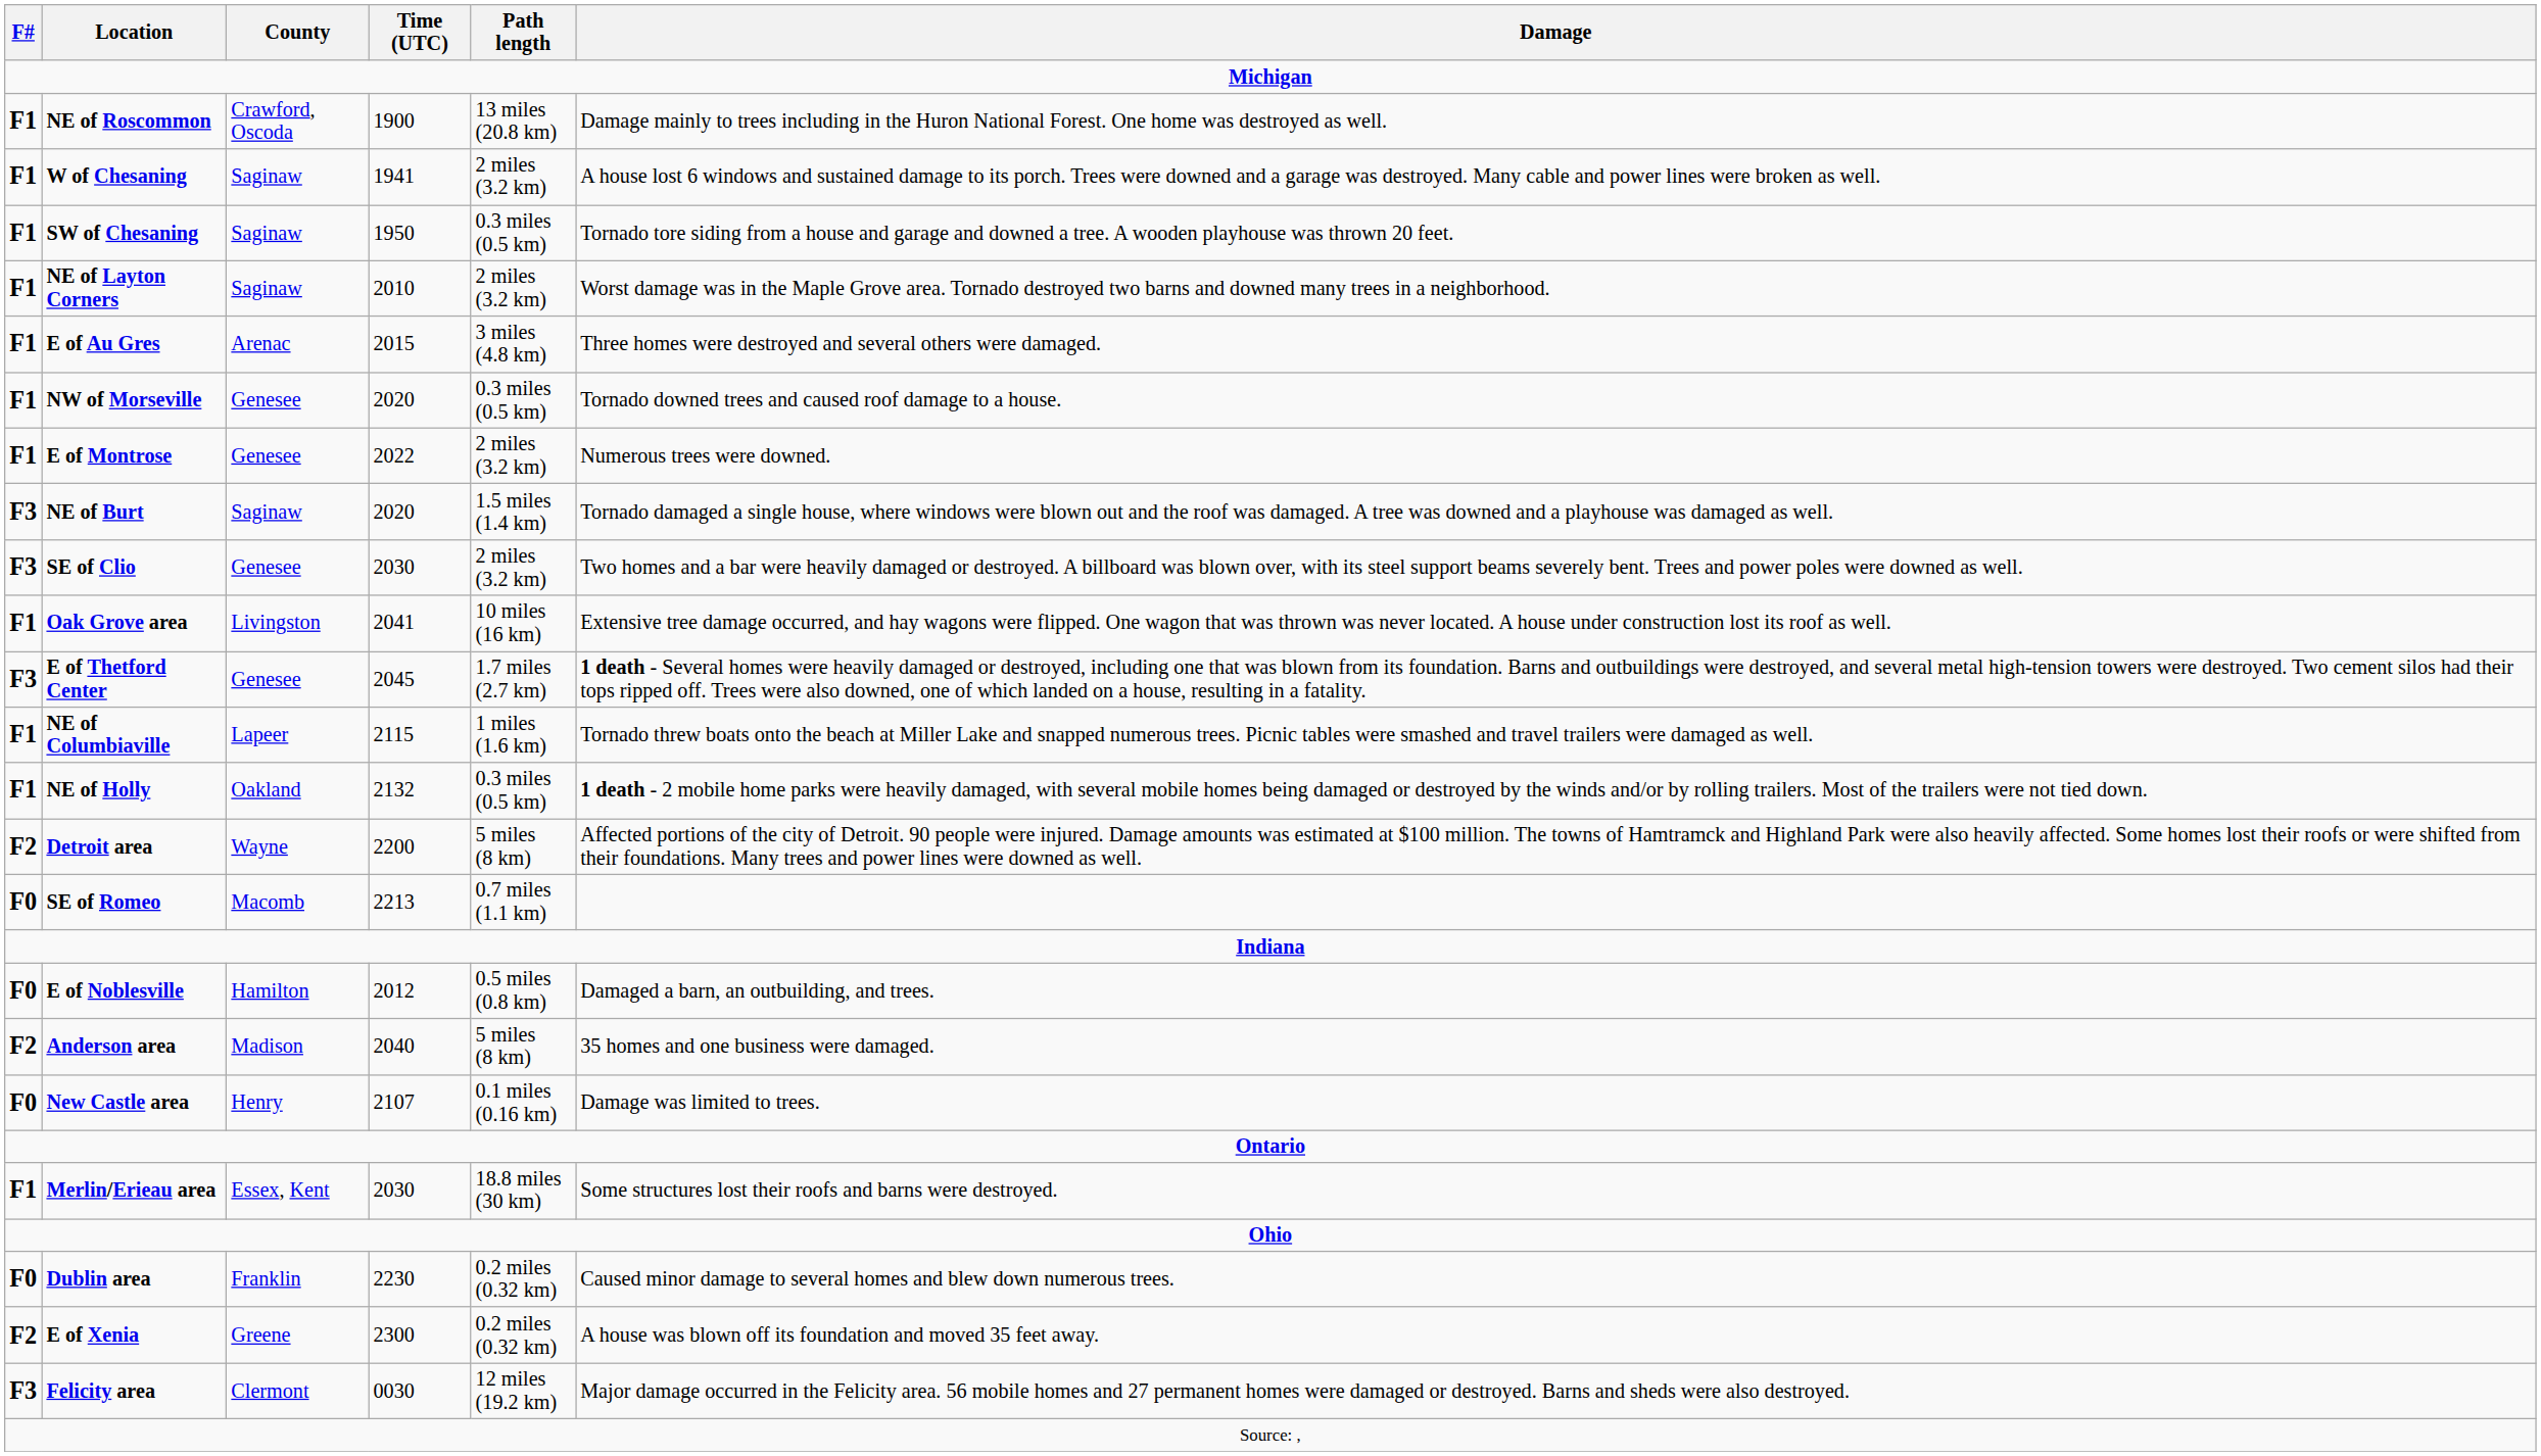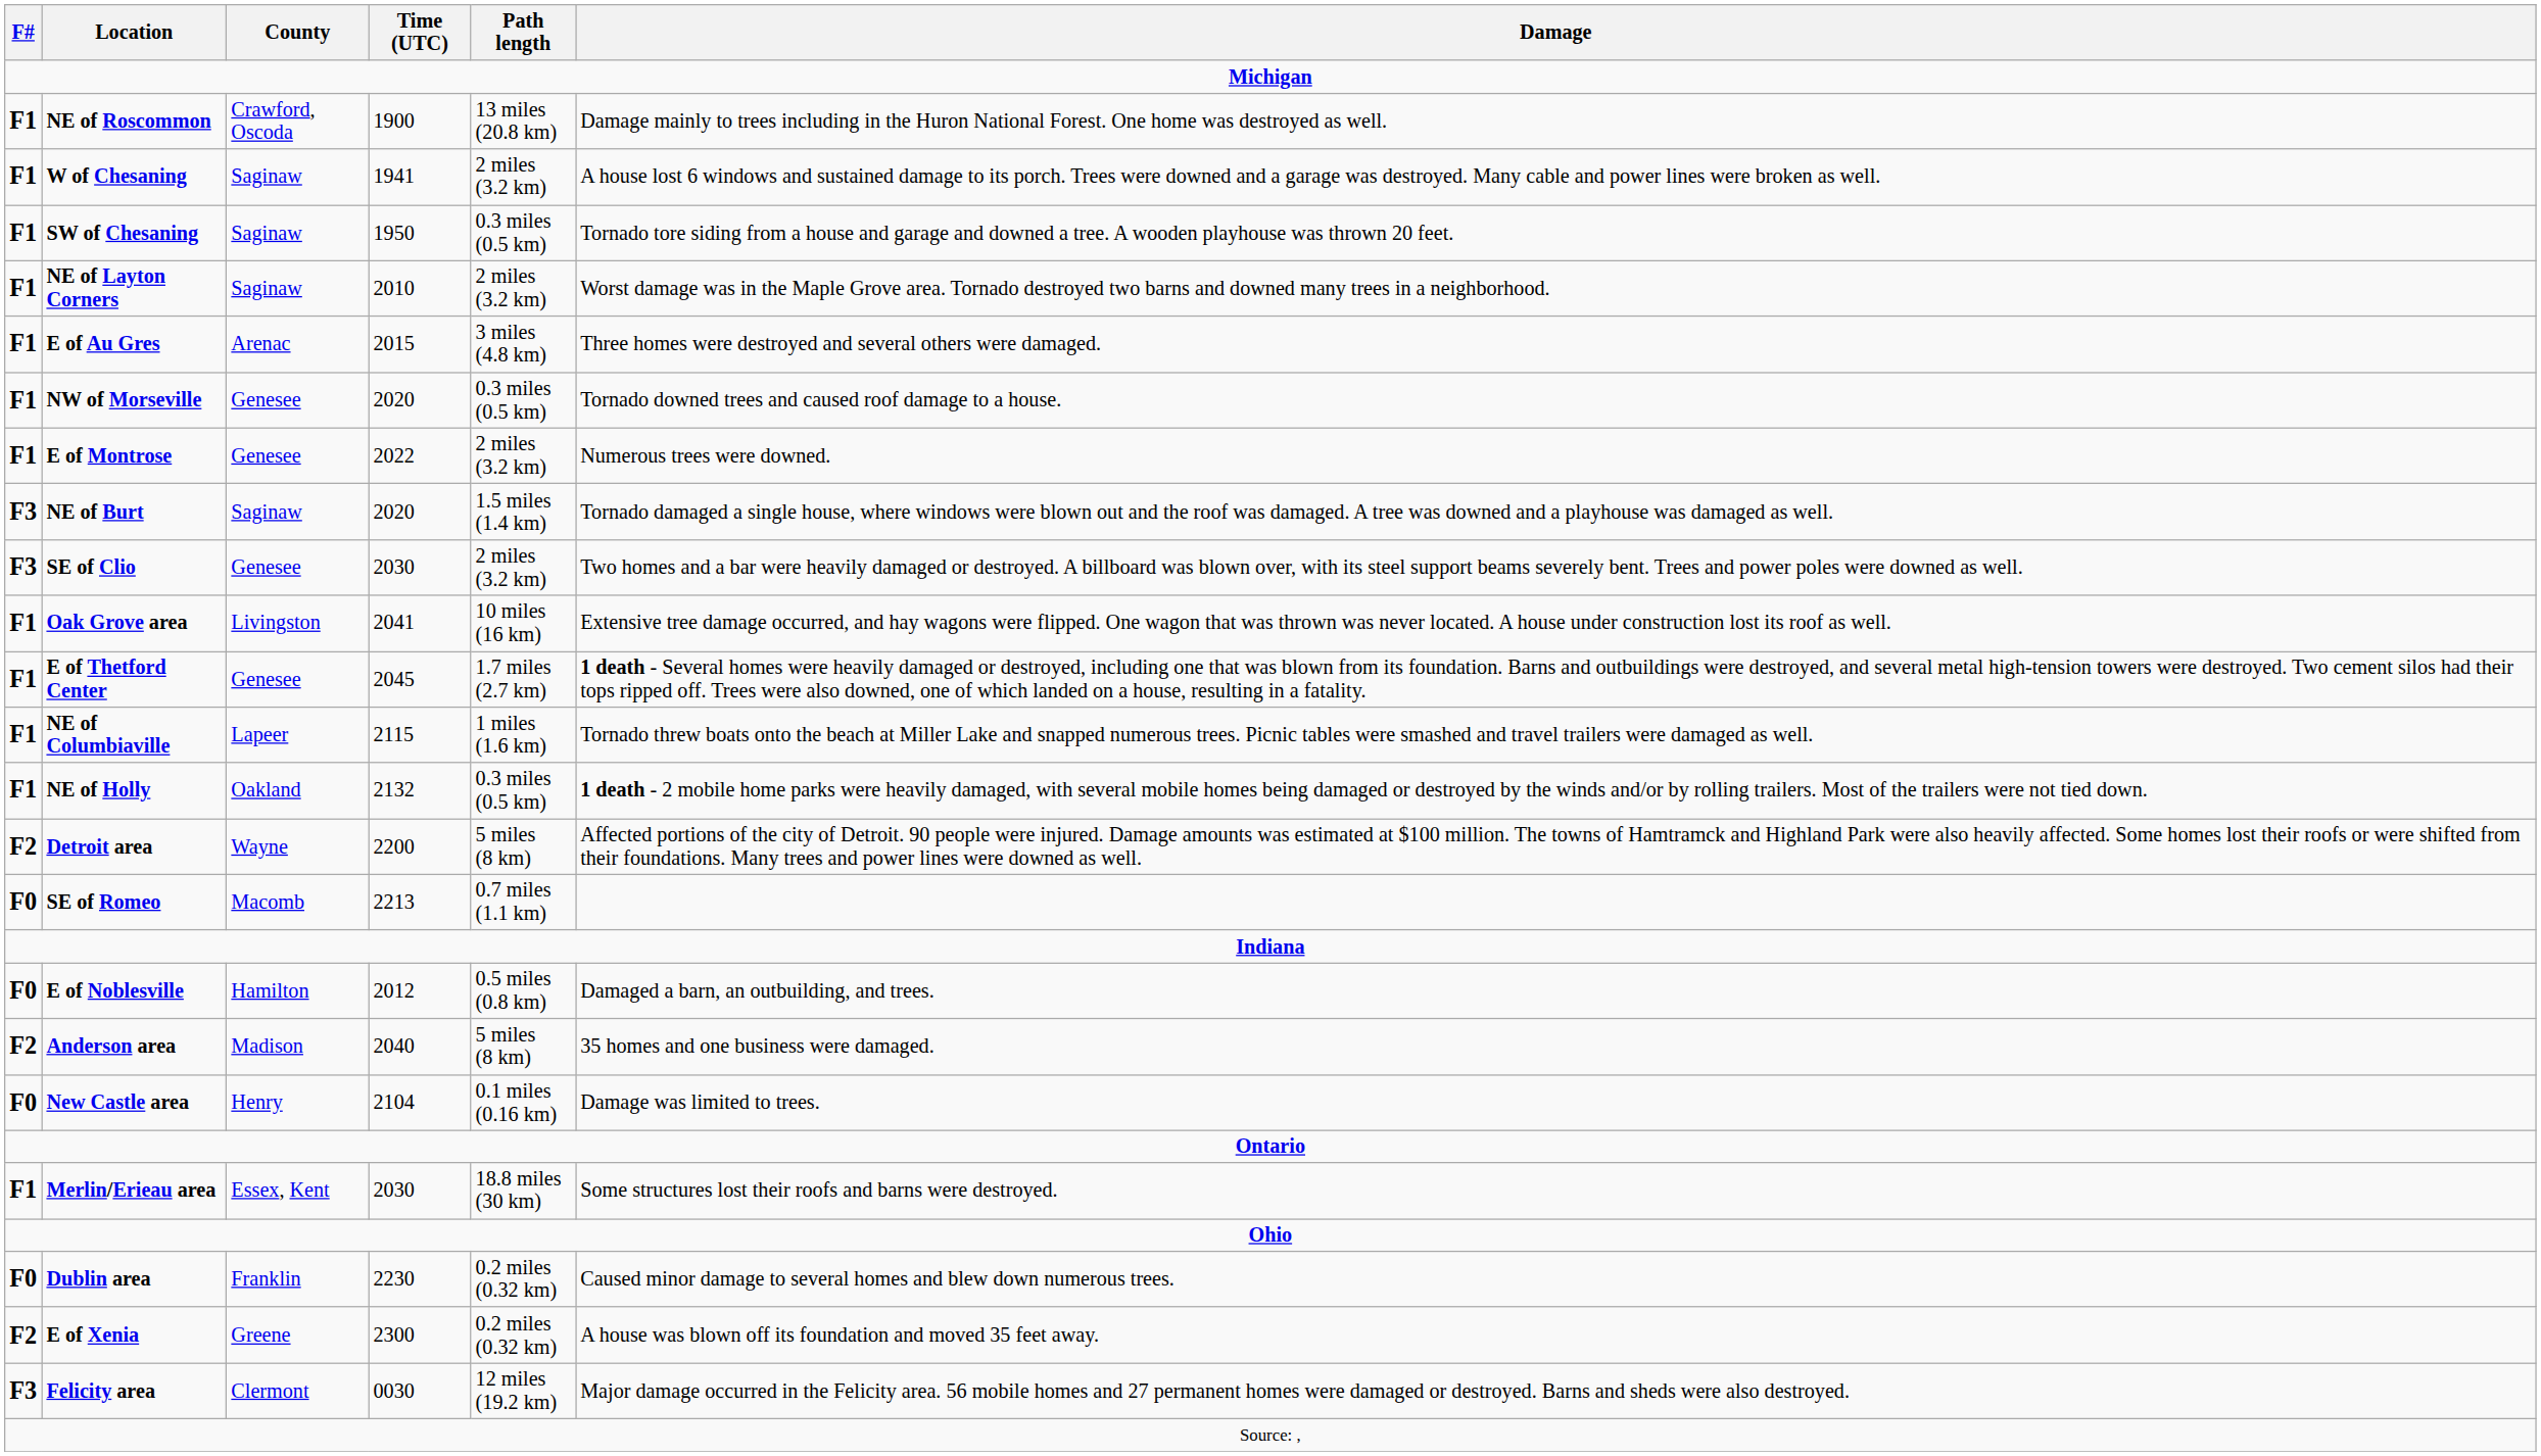 <table class="wikitable">
 <tr>
 <th><strong><a href='#'>F#</a></strong></th>
 <th><strong>Location</strong></th>
 <th><strong>County</strong></th>
 <th><strong>Time (UTC)</strong></th>
 <th><strong>Path length</strong></th>
 <th><strong>Damage</strong></th>
 </tr>
 <tr>
 <td colspan="7" align=center><strong><a href='#'>Michigan</a></strong></td>
 </tr>
 <tr>
 <td><big><strong>F1</strong></big></td>
 <td><strong>NE of <a href='#'>Roscommon</a></strong></td>
 <td><a href='#'>Crawford</a>, <a href='#'>Oscoda</a></td>
 <td>1900</td>
 <td>13 miles <br>(20.8 km)</td>
 <td>Damage mainly to trees including in the Huron National Forest. One home was destroyed as well.</td>
 </tr>
 <tr>
 <td><big><strong>F1</strong></big></td>
 <td><strong>W of <a href='#'>Chesaning</a></strong></td>
 <td><a href='#'>Saginaw</a></td>
 <td>1941</td>
 <td>2 miles <br>(3.2 km)</td>
 <td>A house lost 6 windows and sustained damage to its porch. Trees were downed and a garage was destroyed. Many cable and power lines were broken as well.</td>
 </tr>
 <tr>
 <td><big><strong>F1</strong></big></td>
 <td><strong>SW of <a href='#'>Chesaning</a></strong></td>
 <td><a href='#'>Saginaw</a></td>
 <td>1950</td>
 <td>0.3 miles <br>(0.5 km)</td>
 <td>Tornado tore siding from a house and garage and downed a tree. A wooden playhouse was thrown 20 feet.</td>
 </tr>
 <tr>
 <td><big><strong>F1</strong></big></td>
 <td><strong>NE of <a href='#'>Layton Corners</a></strong></td>
 <td><a href='#'>Saginaw</a></td>
 <td>2010</td>
 <td>2 miles <br>(3.2 km)</td>
 <td>Worst damage was in the Maple Grove area. Tornado destroyed two barns and downed many trees in a neighborhood.</td>
 </tr>
 <tr>
 <td><big><strong>F1</strong></big></td>
 <td><strong>E of <a href='#'>Au Gres</a></strong></td>
 <td><a href='#'>Arenac</a></td>
 <td>2015</td>
 <td>3 miles <br>(4.8 km)</td>
 <td>Three homes were destroyed and several others were damaged.</td>
 </tr>
 <tr>
 <td><big><strong>F1</strong></big></td>
 <td><strong>NW of <a href='#'>Morseville</a></strong></td>
 <td><a href='#'>Genesee</a></td>
 <td>2020</td>
 <td>0.3 miles <br>(0.5 km)</td>
 <td>Tornado downed trees and caused roof damage to a house.</td>
 </tr>
 <tr>
 <td><big><strong>F1</strong></big></td>
 <td><strong>E of <a href='#'>Montrose</a></strong></td>
 <td><a href='#'>Genesee</a></td>
 <td>2022</td>
 <td>2 miles <br>(3.2 km)</td>
 <td>Numerous trees were downed.</td>
 </tr>
 <tr>
 <td><big><strong>F3</strong></big></td>
 <td><strong>NE of <a href='#'>Burt</a></strong></td>
 <td><a href='#'>Saginaw</a></td>
 <td>2020</td>
 <td>1.5 miles <br>(1.4 km)</td>
 <td>Tornado damaged a single house, where windows were blown out and the roof was damaged. A tree was downed and a playhouse was damaged as well.</td>
 </tr>
 <tr>
 <td><big><strong>F3</strong></big></td>
 <td><strong>SE of <a href='#'>Clio</a></strong></td>
 <td><a href='#'>Genesee</a></td>
 <td>2030</td>
 <td>2 miles <br>(3.2 km)</td>
 <td>Two homes and a bar were heavily damaged or destroyed. A billboard was blown over, with its steel support beams severely bent. Trees and power poles were downed as well.</td>
 </tr>
 <tr>
 <td><big><strong>F1</strong></big></td>
 <td><strong><a href='#'>Oak Grove</a> area</strong></td>
 <td><a href='#'>Livingston</a></td>
 <td>2041</td>
 <td>10 miles <br>(16 km)</td>
 <td>Extensive tree damage occurred, and hay wagons were flipped. One wagon that was thrown was never located. A house under construction lost its roof as well.</td>
 </tr>
 <tr>
-<td><big><strong>F3</strong></big></td>
+<td><big><strong>F1</strong></big></td>
 <td><strong>E of <a href='#'>Thetford Center</a></strong></td>
 <td><a href='#'>Genesee</a></td>
 <td>2045</td>
 <td>1.7 miles <br>(2.7 km)</td>
 <td><strong>1 death</strong> - Several homes were heavily damaged or destroyed, including one that was blown from its foundation. Barns and outbuildings were destroyed, and several metal high-tension towers were destroyed. Two cement silos had their tops ripped off. Trees were also downed, one of which landed on a house, resulting in a fatality.</td>
 </tr>
 <tr>
 <td><big><strong>F1</strong></big></td>
 <td><strong>NE of <a href='#'>Columbiaville</a></strong></td>
 <td><a href='#'>Lapeer</a></td>
 <td>2115</td>
 <td>1 miles <br>(1.6 km)</td>
 <td>Tornado threw boats onto the beach at Miller Lake and snapped numerous trees. Picnic tables were smashed and travel trailers were damaged as well.</td>
 </tr>
 <tr>
 <td><big><strong>F1</strong></big></td>
 <td><strong>NE of <a href='#'>Holly</a></strong></td>
 <td><a href='#'>Oakland</a></td>
 <td>2132</td>
 <td>0.3 miles <br>(0.5 km)</td>
 <td><strong>1 death</strong> - 2 mobile home parks were heavily damaged, with several mobile homes being damaged or destroyed by the winds and/or by rolling trailers. Most of the trailers were not tied down.</td>
 </tr>
 <tr>
 <td><big><strong>F2</strong></big></td>
 <td><strong><a href='#'>Detroit</a> area</strong></td>
 <td><a href='#'>Wayne</a></td>
 <td>2200</td>
 <td>5 miles <br>(8 km)</td>
 <td>Affected portions of the city of Detroit. 90 people were injured. Damage amounts was estimated at $100 million. The towns of Hamtramck and Highland Park were also heavily affected. Some homes lost their roofs or were shifted from their foundations. Many trees and power lines were downed as well.</td>
 </tr>
 <tr>
 <td><big><strong>F0</strong></big></td>
 <td><strong>SE of <a href='#'>Romeo</a></strong></td>
 <td><a href='#'>Macomb</a></td>
 <td>2213</td>
 <td>0.7 miles <br>(1.1 km)</td>
 <td></td>
 </tr>
 <tr>
 <td colspan="7" align=center><strong><a href='#'>Indiana</a></strong></td>
 </tr>
 <tr>
 <td><big><strong>F0</strong></big></td>
 <td><strong>E of <a href='#'>Noblesville</a></strong></td>
 <td><a href='#'>Hamilton</a></td>
 <td>2012</td>
 <td>0.5 miles <br>(0.8 km)</td>
 <td>Damaged a barn, an outbuilding, and trees.</td>
 </tr>
 <tr>
 <td><big><strong>F2</strong></big></td>
 <td><strong><a href='#'>Anderson</a> area</strong></td>
 <td><a href='#'>Madison</a></td>
 <td>2040</td>
 <td>5 miles <br>(8 km)</td>
 <td>35 homes and one business were damaged.</td>
 </tr>
 <tr>
 <td><big><strong>F0</strong></big></td>
 <td><strong><a href='#'>New Castle</a> area</strong></td>
 <td><a href='#'>Henry</a></td>
-<td>2107</td>
+<td>2104</td>
 <td>0.1 miles <br>(0.16 km)</td>
 <td>Damage was limited to trees.</td>
 </tr>
 <tr>
 <td colspan="7" align=center><strong><a href='#'>Ontario</a></strong></td>
 </tr>
 <tr>
 <td><big><strong>F1</strong></big></td>
 <td><strong> <a href='#'>Merlin</a>/<a href='#'>Erieau</a> area</strong></td>
 <td><a href='#'>Essex</a>, <a href='#'>Kent</a></td>
 <td>2030</td>
 <td>18.8 miles <br>(30 km)</td>
 <td>Some structures lost their roofs and barns were destroyed.</td>
 </tr>
 <tr>
 <td colspan="7" align=center><strong><a href='#'>Ohio</a></strong></td>
 </tr>
 <tr>
 <td><big><strong>F0</strong></big></td>
 <td><strong><a href='#'>Dublin</a> area</strong></td>
 <td><a href='#'>Franklin</a></td>
 <td>2230</td>
 <td>0.2 miles <br>(0.32 km)</td>
 <td>Caused minor damage to several homes and blew down numerous trees.</td>
 </tr>
 <tr>
 <td><big><strong>F2</strong></big></td>
 <td><strong>E of <a href='#'>Xenia</a></strong></td>
 <td><a href='#'>Greene</a></td>
 <td>2300</td>
 <td>0.2 miles <br>(0.32 km)</td>
 <td>A house was blown off its foundation and moved 35 feet away.</td>
 </tr>
 <tr>
 <td><big><strong>F3</strong></big></td>
 <td><strong><a href='#'>Felicity</a> area</strong></td>
 <td><a href='#'>Clermont</a></td>
 <td>0030</td>
 <td>12 miles <br>(19.2 km)</td>
 <td>Major damage occurred in the Felicity area. 56 mobile homes and 27 permanent homes were damaged or destroyed. Barns and sheds were also destroyed.</td>
 </tr>
 <tr>
 <td colspan="7" align=center><small>Source: , </small></td>
 </tr>
 <tr>
 </tr>
 </table>
